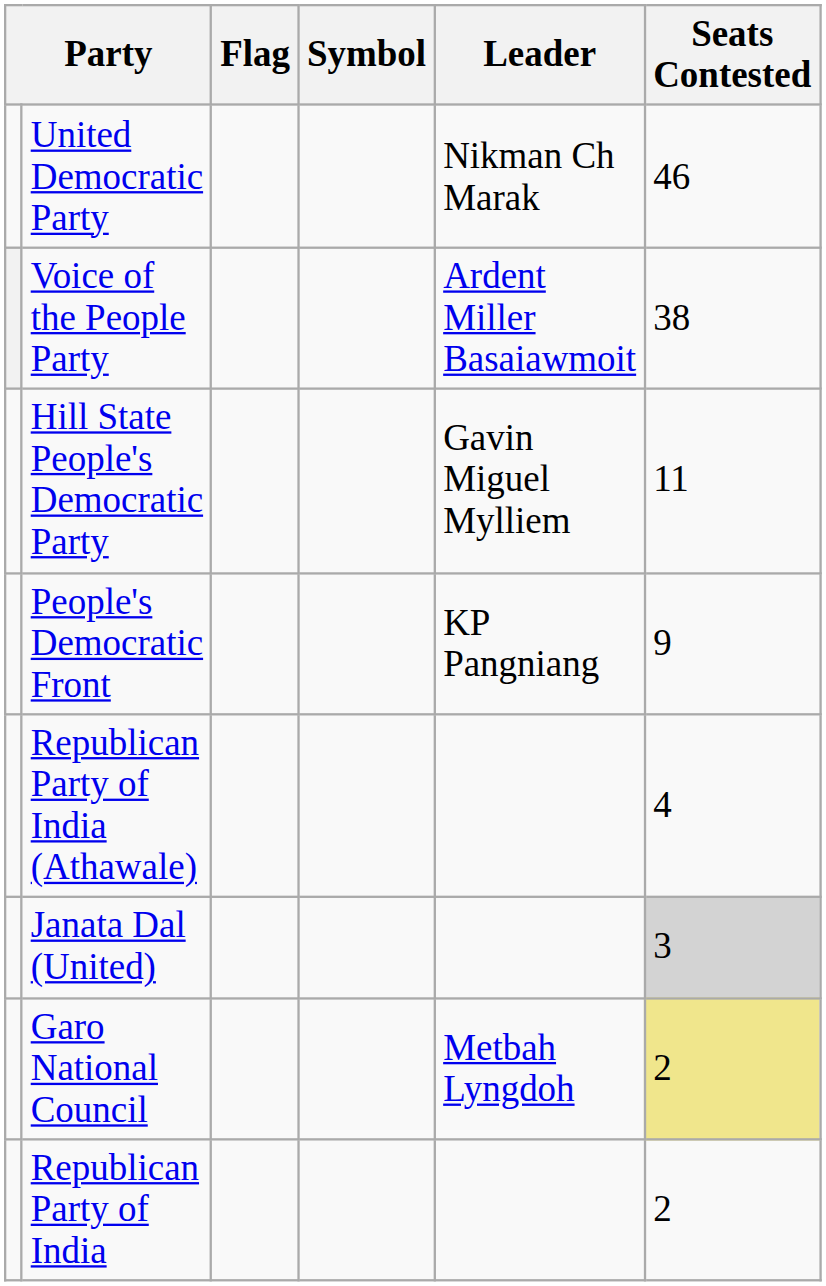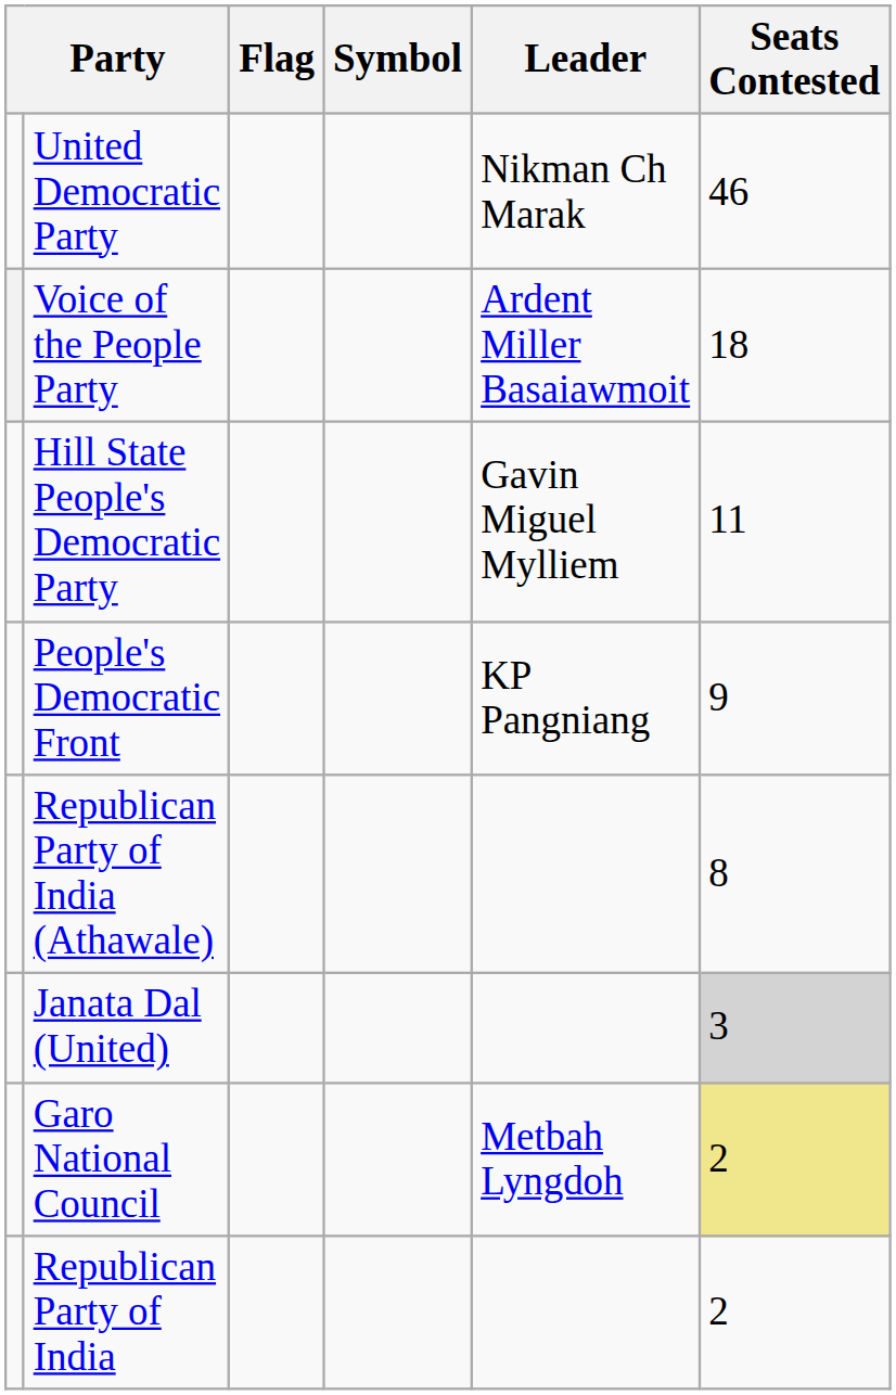 <table class="wikitable"  width="53%">
 <tr>
 <th colspan="2">Party</th>
 <th>Flag</th>
 <th>Symbol</th>
 <th>Leader</th>
 <th>Seats Contested</th>
 </tr>
 <tr>
 <td style="text-align:center; background:"></td>
 <td><a href='#'>United Democratic Party</a></td>
 <td></td>
 <td></td>
 <td>Nikman Ch Marak</td>
 <td>46</td>
 </tr>
 <tr>
 <th style="text-align:center; background:"></th>
 <td><a href='#'>Voice of the People Party</a></td>
 <td></td>
 <td></td>
 <td><a href='#'>Ardent Miller Basaiawmoit</a></td>
-<td>38</td>
+<td>18</td>
 </tr>
 <tr>
 <td style="text-align:center; background:"></td>
 <td><a href='#'>Hill State People's Democratic Party</a></td>
 <td></td>
 <td></td>
 <td>Gavin Miguel Mylliem</td>
 <td>11</td>
 </tr>
 <tr>
 <td style="text-align:center; background:"></td>
 <td><a href='#'>People's Democratic Front</a></td>
 <td></td>
 <td></td>
 <td>KP Pangniang</td>
 <td>9</td>
 </tr>
 <tr>
 <td style="text-align:center; background:"></td>
 <td><a href='#'>Republican Party of India (Athawale)</a></td>
 <td></td>
 <td></td>
 <td></td>
-<td>4</td>
+<td>8</td>
 </tr>
 <tr>
 <td style="text-align:center; background:"></td>
 <td><a href='#'>Janata Dal (United)</a></td>
 <td></td>
 <td></td>
 <td></td>
 <td style="background: lightgrey;">3</td>
 </tr>
 <tr>
 <td style="text-align:center; background:"></td>
 <td><a href='#'>Garo National Council</a></td>
 <td></td>
 <td></td>
 <td><a href='#'>Metbah Lyngdoh</a></td>
 <td style="background: khaki;">2</td>
 </tr>
 <tr>
 <td style="text-align:center; background:"></td>
 <td><a href='#'>Republican Party of India</a></td>
 <td></td>
 <td></td>
 <td></td>
 <td>2</td>
 </tr>
 </table>
